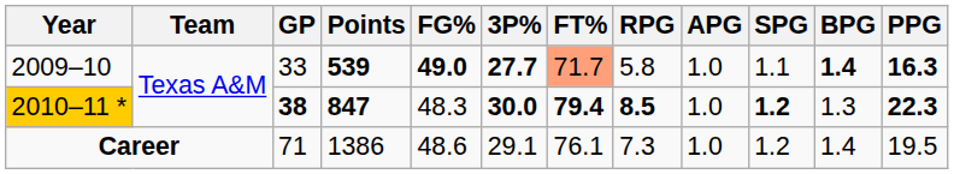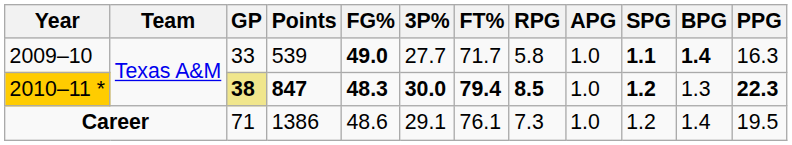 <table class="wikitable sortable">
 <tr>
 <th>Year</th>
 <th>Team</th>
 <th>GP</th>
 <th>Points</th>
 <th>FG%</th>
 <th>3P%</th>
 <th>FT%</th>
 <th>RPG</th>
 <th>APG</th>
 <th>SPG</th>
 <th>BPG</th>
 <th>PPG</th>
 </tr>
 <tr>
 <td>2009–10</td>
 <td rowspan=2><a href='#'>Texas A&M</a></td>
 <td>33</td>
-<td><strong>539</strong></td>
+<td>539</td>
 <td><strong>49.0</strong></td>
-<td><strong>27.7</strong></td>
-<td style="background: lightsalmon;">71.7</td>
+<td>27.7</td>
+<td>71.7</td>
 <td>5.8</td>
 <td>1.0</td>
-<td>1.1</td>
+<td><strong>1.1</strong></td>
 <td><strong>1.4</strong></td>
-<td><strong>16.3</strong></td>
+<td>16.3</td>
 </tr>
 <tr>
 <td bgcolor=#ffcc00>2010–11 *</td>
-<td><strong>38</strong></td>
+<td style="background: khaki;"><strong>38</strong></td>
 <td><strong>847</strong></td>
-<td>48.3</td>
+<td><strong>48.3</strong></td>
 <td><strong>30.0</strong></td>
 <td><strong>79.4</strong></td>
 <td><strong>8.5</strong></td>
 <td>1.0</td>
 <td><strong>1.2</strong></td>
 <td>1.3</td>
 <td><strong>22.3</strong></td>
 </tr>
 <tr class="sortbottom">
 <td colspan=2 align=center><strong>Career</strong></td>
 <td>71</td>
 <td>1386</td>
 <td>48.6</td>
 <td>29.1</td>
 <td>76.1</td>
 <td>7.3</td>
 <td>1.0</td>
 <td>1.2</td>
 <td>1.4</td>
 <td>19.5</td>
 </tr>
 </table>
